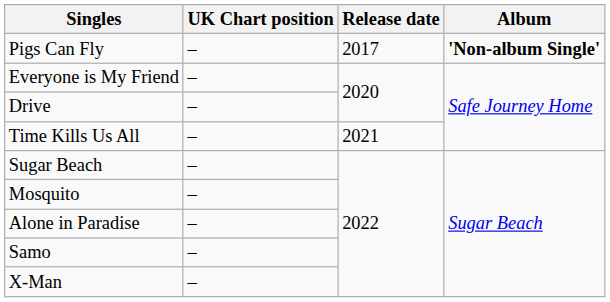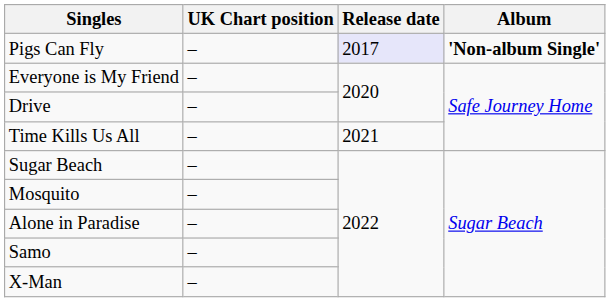 <table class="wikitable">
 <tr>
 <th>Singles</th>
 <th>UK Chart position</th>
 <th>Release date</th>
 <th>Album</th>
 </tr>
 <tr>
 <td>Pigs Can Fly</td>
 <td>–</td>
-<td>2017</td>
+<td style="background: lavender;">2017</td>
 <td rowspan="1"><strong>'Non-album Single'</strong></td>
 </tr>
 <tr>
 <td>Everyone is My Friend</td>
 <td>–</td>
 <td rowspan="2">2020</td>
 <td rowspan="3"><em><a href='#'>Safe Journey Home</a></em></td>
 </tr>
 <tr>
 <td>Drive</td>
 <td>–</td>
 </tr>
 <tr>
 <td>Time Kills Us All</td>
 <td>–</td>
 <td rowspan="1">2021</td>
 </tr>
 <tr>
 <td>Sugar Beach</td>
 <td>–</td>
 <td rowspan="5">2022</td>
 <td rowspan="5"><em><a href='#'>Sugar Beach</a></em></td>
 </tr>
 <tr>
 <td>Mosquito</td>
 <td>–</td>
 </tr>
 <tr>
 <td>Alone in Paradise</td>
 <td>–</td>
 </tr>
 <tr>
 <td>Samo</td>
 <td>–</td>
 </tr>
 <tr>
 <td>X-Man</td>
 <td>–</td>
 </tr>
 </table>
